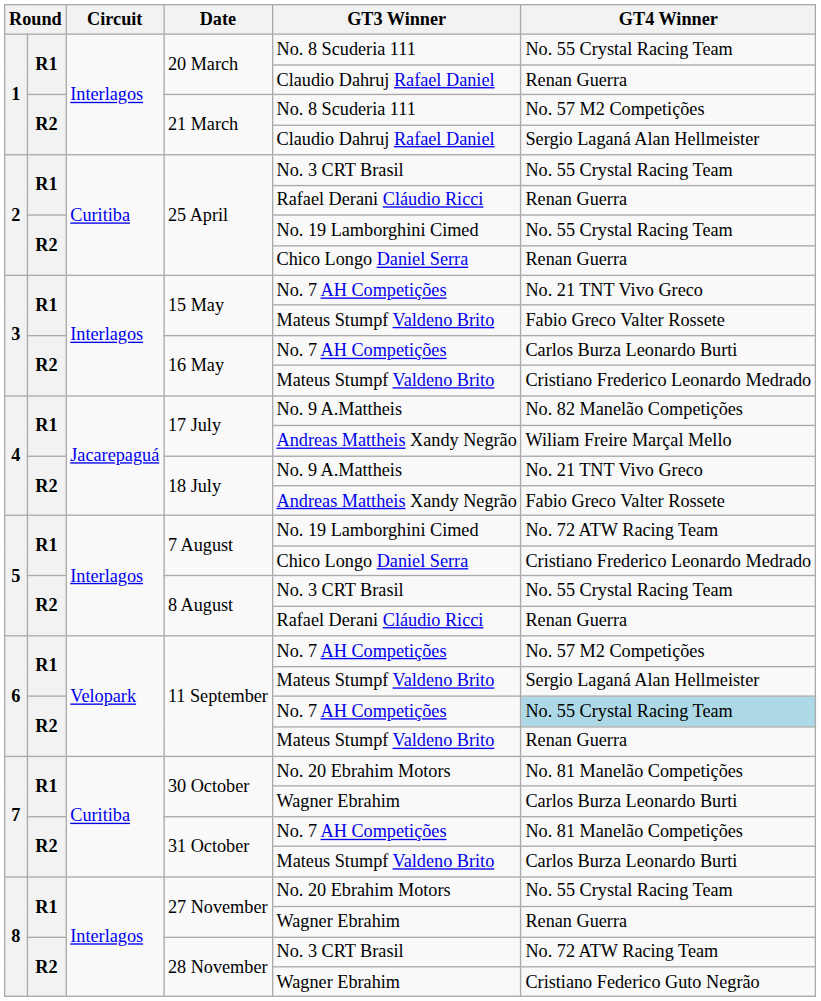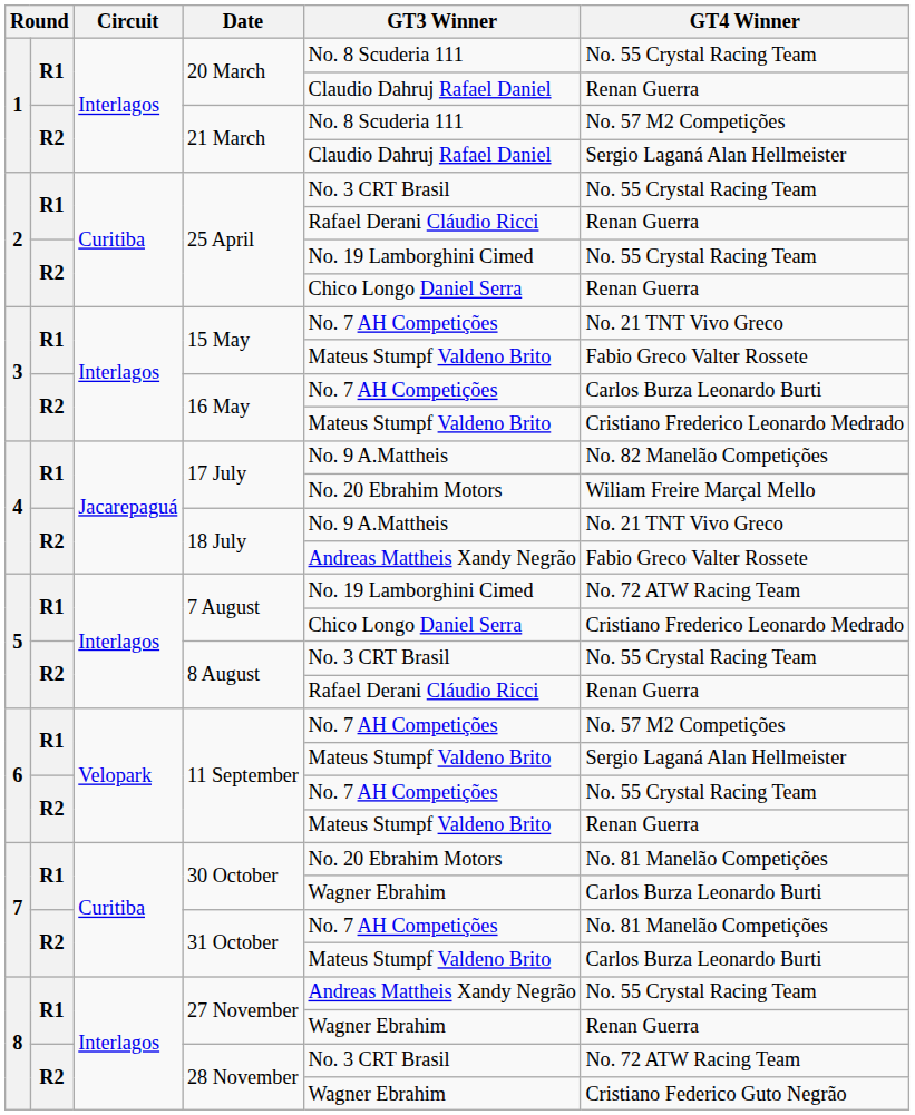 <table class="wikitable" style="font-size: 85%;">
 <tr>
 <th colspan=2>Round</th>
 <th>Circuit</th>
 <th>Date</th>
 <th>GT3 Winner</th>
 <th>GT4 Winner</th>
 </tr>
 <tr>
 <th rowspan=4>1</th>
 <th rowspan=2>R1</th>
 <td rowspan=4><a href='#'>Interlagos</a></td>
 <td rowspan=2>20 March</td>
 <td>No. 8 Scuderia 111</td>
 <td>No. 55 Crystal Racing Team</td>
 </tr>
 <tr>
 <td>Claudio Dahruj <a href='#'>Rafael Daniel</a></td>
 <td>Renan Guerra</td>
 </tr>
 <tr>
 <th rowspan=2>R2</th>
 <td rowspan=2>21 March</td>
 <td>No. 8 Scuderia 111</td>
 <td>No. 57 M2 Competições</td>
 </tr>
 <tr>
 <td>Claudio Dahruj <a href='#'>Rafael Daniel</a></td>
 <td>Sergio Laganá Alan Hellmeister</td>
 </tr>
 <tr>
 <th rowspan=4>2</th>
 <th rowspan=2>R1</th>
 <td rowspan=4><a href='#'>Curitiba</a></td>
 <td rowspan=4>25 April</td>
 <td>No. 3 CRT Brasil</td>
 <td>No. 55 Crystal Racing Team</td>
 </tr>
 <tr>
 <td>Rafael Derani <a href='#'>Cláudio Ricci</a></td>
 <td>Renan Guerra</td>
 </tr>
 <tr>
 <th rowspan=2>R2</th>
 <td>No. 19 Lamborghini Cimed</td>
 <td>No. 55 Crystal Racing Team</td>
 </tr>
 <tr>
 <td>Chico Longo <a href='#'>Daniel Serra</a></td>
 <td>Renan Guerra</td>
 </tr>
 <tr>
 <th rowspan=4>3</th>
 <th rowspan=2>R1</th>
 <td rowspan=4><a href='#'>Interlagos</a></td>
 <td rowspan=2>15 May</td>
 <td>No. 7 <a href='#'>AH Competições</a></td>
 <td>No. 21 TNT Vivo Greco</td>
 </tr>
 <tr>
 <td>Mateus Stumpf <a href='#'>Valdeno Brito</a></td>
 <td>Fabio Greco Valter Rossete</td>
 </tr>
 <tr>
 <th rowspan=2>R2</th>
 <td rowspan=2>16 May</td>
 <td>No. 7 <a href='#'>AH Competições</a></td>
 <td>Carlos Burza Leonardo Burti</td>
 </tr>
 <tr>
 <td>Mateus Stumpf <a href='#'>Valdeno Brito</a></td>
 <td>Cristiano Frederico Leonardo Medrado</td>
 </tr>
 <tr>
 <th rowspan=4>4</th>
 <th rowspan=2>R1</th>
 <td rowspan=4><a href='#'>Jacarepaguá</a></td>
 <td rowspan=2>17 July</td>
 <td>No. 9 A.Mattheis</td>
 <td>No. 82 Manelão Competições</td>
 </tr>
 <tr>
-<td><a href='#'>Andreas Mattheis</a> Xandy Negrão</td>
+<td>No. 20 Ebrahim Motors</td>
 <td>Wiliam Freire Marçal Mello</td>
 </tr>
 <tr>
 <th rowspan=2>R2</th>
 <td rowspan=2>18 July</td>
 <td>No. 9 A.Mattheis</td>
 <td>No. 21 TNT Vivo Greco</td>
 </tr>
 <tr>
 <td><a href='#'>Andreas Mattheis</a> Xandy Negrão</td>
 <td>Fabio Greco Valter Rossete</td>
 </tr>
 <tr>
 <th rowspan=4>5</th>
 <th rowspan=2>R1</th>
 <td rowspan=4><a href='#'>Interlagos</a></td>
 <td rowspan=2>7 August</td>
 <td>No. 19 Lamborghini Cimed</td>
 <td>No. 72 ATW Racing Team</td>
 </tr>
 <tr>
 <td>Chico Longo <a href='#'>Daniel Serra</a></td>
 <td>Cristiano Frederico Leonardo Medrado</td>
 </tr>
 <tr>
 <th rowspan=2>R2</th>
 <td rowspan=2>8 August</td>
 <td>No. 3 CRT Brasil</td>
 <td>No. 55 Crystal Racing Team</td>
 </tr>
 <tr>
 <td>Rafael Derani <a href='#'>Cláudio Ricci</a></td>
 <td>Renan Guerra</td>
 </tr>
 <tr>
 <th rowspan=4>6</th>
 <th rowspan=2>R1</th>
 <td rowspan=4><a href='#'>Velopark</a></td>
 <td rowspan=4>11 September</td>
 <td>No. 7 <a href='#'>AH Competições</a></td>
 <td>No. 57 M2 Competições</td>
 </tr>
 <tr>
 <td>Mateus Stumpf <a href='#'>Valdeno Brito</a></td>
 <td>Sergio Laganá Alan Hellmeister</td>
 </tr>
 <tr>
 <th rowspan=2>R2</th>
 <td>No. 7 <a href='#'>AH Competições</a></td>
-<td style="background: lightblue;">No. 55 Crystal Racing Team</td>
+<td>No. 55 Crystal Racing Team</td>
 </tr>
 <tr>
 <td>Mateus Stumpf <a href='#'>Valdeno Brito</a></td>
 <td>Renan Guerra</td>
 </tr>
 <tr>
 <th rowspan=4>7</th>
 <th rowspan=2>R1</th>
 <td rowspan=4><a href='#'>Curitiba</a></td>
 <td rowspan=2>30 October</td>
 <td>No. 20 Ebrahim Motors</td>
 <td>No. 81 Manelão Competições</td>
 </tr>
 <tr>
 <td>Wagner Ebrahim</td>
 <td>Carlos Burza Leonardo Burti</td>
 </tr>
 <tr>
 <th rowspan=2>R2</th>
 <td rowspan=2>31 October</td>
 <td>No. 7 <a href='#'>AH Competições</a></td>
 <td>No. 81 Manelão Competições</td>
 </tr>
 <tr>
 <td>Mateus Stumpf <a href='#'>Valdeno Brito</a></td>
 <td>Carlos Burza Leonardo Burti</td>
 </tr>
 <tr>
 <th rowspan=4>8</th>
 <th rowspan=2>R1</th>
 <td rowspan=4><a href='#'>Interlagos</a></td>
 <td rowspan=2>27 November</td>
-<td>No. 20 Ebrahim Motors</td>
+<td><a href='#'>Andreas Mattheis</a> Xandy Negrão</td>
 <td>No. 55 Crystal Racing Team</td>
 </tr>
 <tr>
 <td>Wagner Ebrahim</td>
 <td>Renan Guerra</td>
 </tr>
 <tr>
 <th rowspan=2>R2</th>
 <td rowspan=2>28 November</td>
 <td>No. 3 CRT Brasil</td>
 <td>No. 72 ATW Racing Team</td>
 </tr>
 <tr>
 <td>Wagner Ebrahim</td>
 <td>Cristiano Federico Guto Negrão</td>
 </tr>
 </table>
